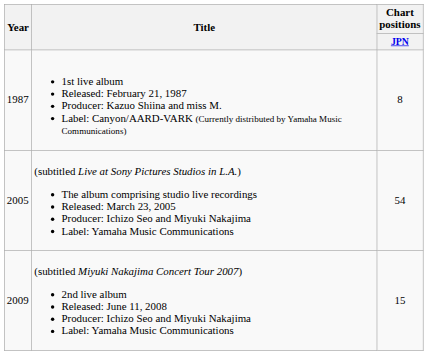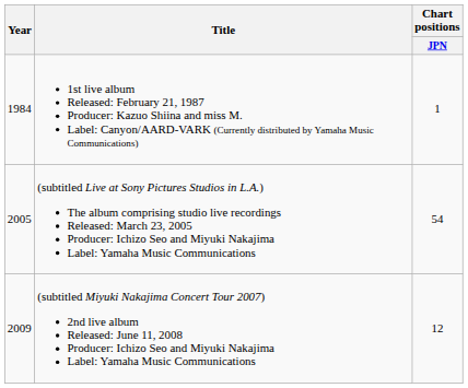 <table class="wikitable">
 <tr>
 <th rowspan="2" width="33">Year</th>
 <th rowspan="2" width="500">Title</th>
 <th>Chart<br>positions</th>
 </tr>
 <tr>
 <th style="width:3em;font-size:90%"><a href='#'>JPN</a></th>
 </tr>
 <tr>
-<td>1987</td>
+<td>1984</td>
 <td><br><ul><li>1st live album</li><li>Released: February 21, 1987</li><li>Producer: Kazuo Shiina and miss M.</li><li>Label: Canyon/AARD-VARK <small>(Currently distributed by Yamaha Music Communications)</small></li></ul></td>
-<td align="center">8</td>
+<td align="center">1</td>
 </tr>
 <tr>
 <td>2005</td>
 <td><br>(subtitled <em>Live at Sony Pictures Studios in L.A.</em>)<br><ul><li>The album comprising studio live recordings</li><li>Released: March 23, 2005</li><li>Producer: Ichizo Seo and Miyuki Nakajima</li><li>Label: Yamaha Music Communications</li></ul></td>
 <td align="center">54</td>
 </tr>
 <tr>
 <td>2009</td>
 <td><br>(subtitled <em>Miyuki Nakajima Concert Tour 2007</em>)<br><ul><li>2nd live album</li><li>Released: June 11, 2008</li><li>Producer: Ichizo Seo and Miyuki Nakajima</li><li>Label: Yamaha Music Communications</li></ul></td>
-<td align="center">15</td>
+<td align="center">12</td>
 </tr>
 </table>
